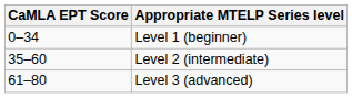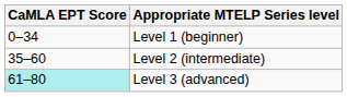 <table class="wikitable">
 <tr>
 <th>CaMLA EPT Score</th>
 <th>Appropriate MTELP Series level</th>
 </tr>
 <tr>
 <td>0–34</td>
 <td>Level 1 (beginner)</td>
 </tr>
 <tr>
 <td>35–60</td>
 <td>Level 2 (intermediate)</td>
 </tr>
 <tr>
-<td>61–80</td>
+<td style="background: paleturquoise;">61–80</td>
 <td>Level 3 (advanced)</td>
 </tr>
 </table>
